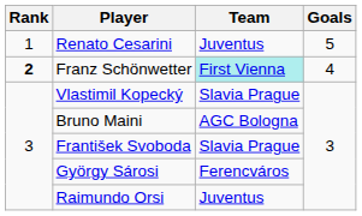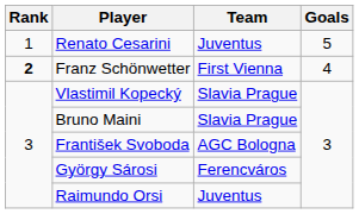 <table class="wikitable" style="text-align:center">
 <tr>
 <th>Rank</th>
 <th>Player</th>
 <th>Team</th>
 <th>Goals</th>
 </tr>
 <tr>
 <td>1</td>
 <td align=left> <a href='#'>Renato Cesarini</a></td>
 <td align=left> <a href='#'>Juventus</a></td>
 <td>5</td>
 </tr>
 <tr>
 <td><strong>2</strong></td>
 <td align=left> Franz Schönwetter</td>
-<td align=left style="background: paleturquoise;"> <a href='#'>First Vienna</a></td>
+<td align=left> <a href='#'>First Vienna</a></td>
 <td>4</td>
 </tr>
 <tr>
 <td rowspan=5>3</td>
 <td align=left> <a href='#'>Vlastimil Kopecký</a></td>
 <td align=left> <a href='#'>Slavia Prague</a></td>
 <td rowspan=5>3</td>
 </tr>
 <tr>
 <td align=left> Bruno Maini</td>
-<td align=left> <a href='#'>AGC Bologna</a></td>
+<td align=left> <a href='#'>Slavia Prague</a></td>
 </tr>
 <tr>
 <td align=left> <a href='#'>František Svoboda</a></td>
-<td align=left> <a href='#'>Slavia Prague</a></td>
+<td align=left> <a href='#'>AGC Bologna</a></td>
 </tr>
 <tr>
 <td align=left> <a href='#'>György Sárosi</a></td>
 <td align=left> <a href='#'>Ferencváros</a></td>
 </tr>
 <tr>
 <td align=left> <a href='#'>Raimundo Orsi</a></td>
 <td align=left> <a href='#'>Juventus</a></td>
 </tr>
 </table>
